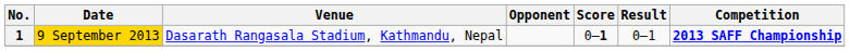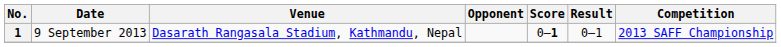 <table class="wikitable plainrowheaders sortable">
 <tr>
 <th scope=col>No.</th>
 <th scope=col data-sort-type=date>Date</th>
 <th scope=col>Venue</th>
 <th scope=col>Opponent</th>
 <th scope=col>Score</th>
 <th scope=col>Result</th>
 <th scope=col>Competition</th>
 </tr>
 <tr>
 <th scope=row>1</th>
-<td style="background: gold;">9 September 2013</td>
+<td>9 September 2013</td>
 <td><a href='#'>Dasarath Rangasala Stadium</a>, <a href='#'>Kathmandu</a>, Nepal</td>
 <td></td>
 <td align=center>0–<strong>1</strong></td>
 <td align=center>0–1</td>
-<td><strong><a href='#'>2013 SAFF Championship</a></strong></td>
+<td><a href='#'>2013 SAFF Championship</a></td>
 </tr>
 <tr>
 </tr>
 </table>
